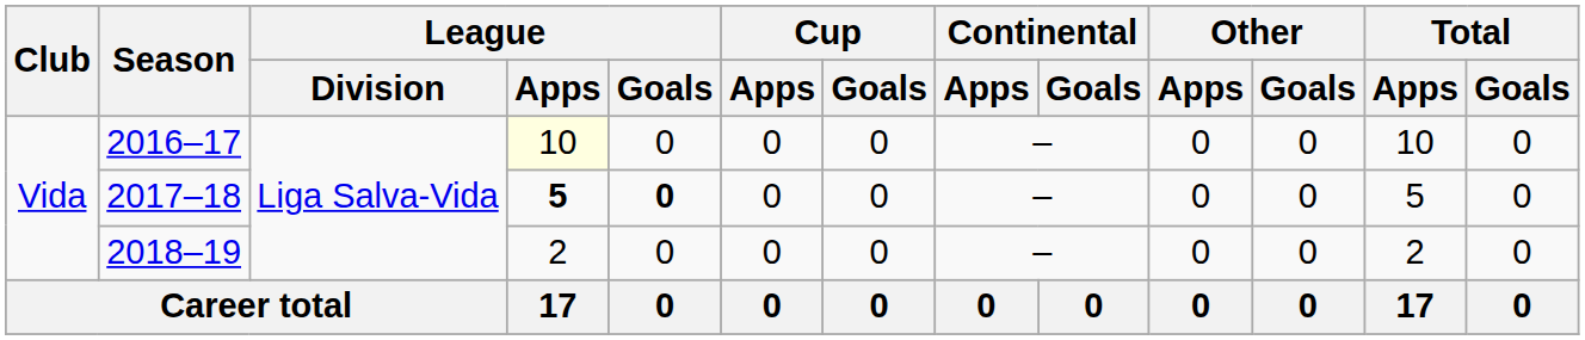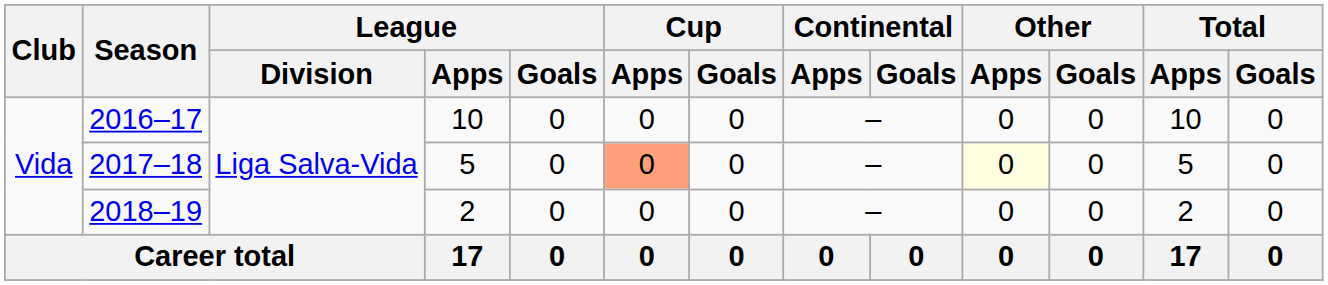 <table class="wikitable" style="text-align: center">
 <tr>
 <th rowspan="2">Club</th>
 <th rowspan="2">Season</th>
 <th colspan="3">League</th>
 <th colspan="2">Cup</th>
 <th colspan="2">Continental</th>
 <th colspan="2">Other</th>
 <th colspan="2">Total</th>
 </tr>
 <tr>
 <th>Division</th>
 <th>Apps</th>
 <th>Goals</th>
 <th>Apps</th>
 <th>Goals</th>
 <th>Apps</th>
 <th>Goals</th>
 <th>Apps</th>
 <th>Goals</th>
 <th>Apps</th>
 <th>Goals</th>
 </tr>
 <tr>
 <td rowspan="3"><a href='#'>Vida</a></td>
 <td><a href='#'>2016–17</a></td>
 <td rowspan="3"><a href='#'>Liga Salva-Vida</a></td>
-<td style="background: lightyellow;">10</td>
+<td>10</td>
 <td>0</td>
 <td>0</td>
 <td>0</td>
 <td colspan="2">–</td>
 <td>0</td>
 <td>0</td>
 <td>10</td>
 <td>0</td>
 </tr>
 <tr>
 <td><a href='#'>2017–18</a></td>
-<td><strong>5</strong></td>
-<td><strong>0</strong></td>
+<td>5</td>
 <td>0</td>
+<td style="background: lightsalmon;">0</td>
 <td>0</td>
 <td colspan="2">–</td>
-<td>0</td>
+<td style="background: lightyellow;">0</td>
 <td>0</td>
 <td>5</td>
 <td>0</td>
 </tr>
 <tr>
 <td><a href='#'>2018–19</a></td>
 <td>2</td>
 <td>0</td>
 <td>0</td>
 <td>0</td>
 <td colspan="2">–</td>
 <td>0</td>
 <td>0</td>
 <td>2</td>
 <td>0</td>
 </tr>
 <tr>
 <th colspan=3>Career total</th>
 <th>17</th>
 <th>0</th>
 <th>0</th>
 <th>0</th>
 <th>0</th>
 <th>0</th>
 <th>0</th>
 <th>0</th>
 <th>17</th>
 <th>0</th>
 </tr>
 </table>
